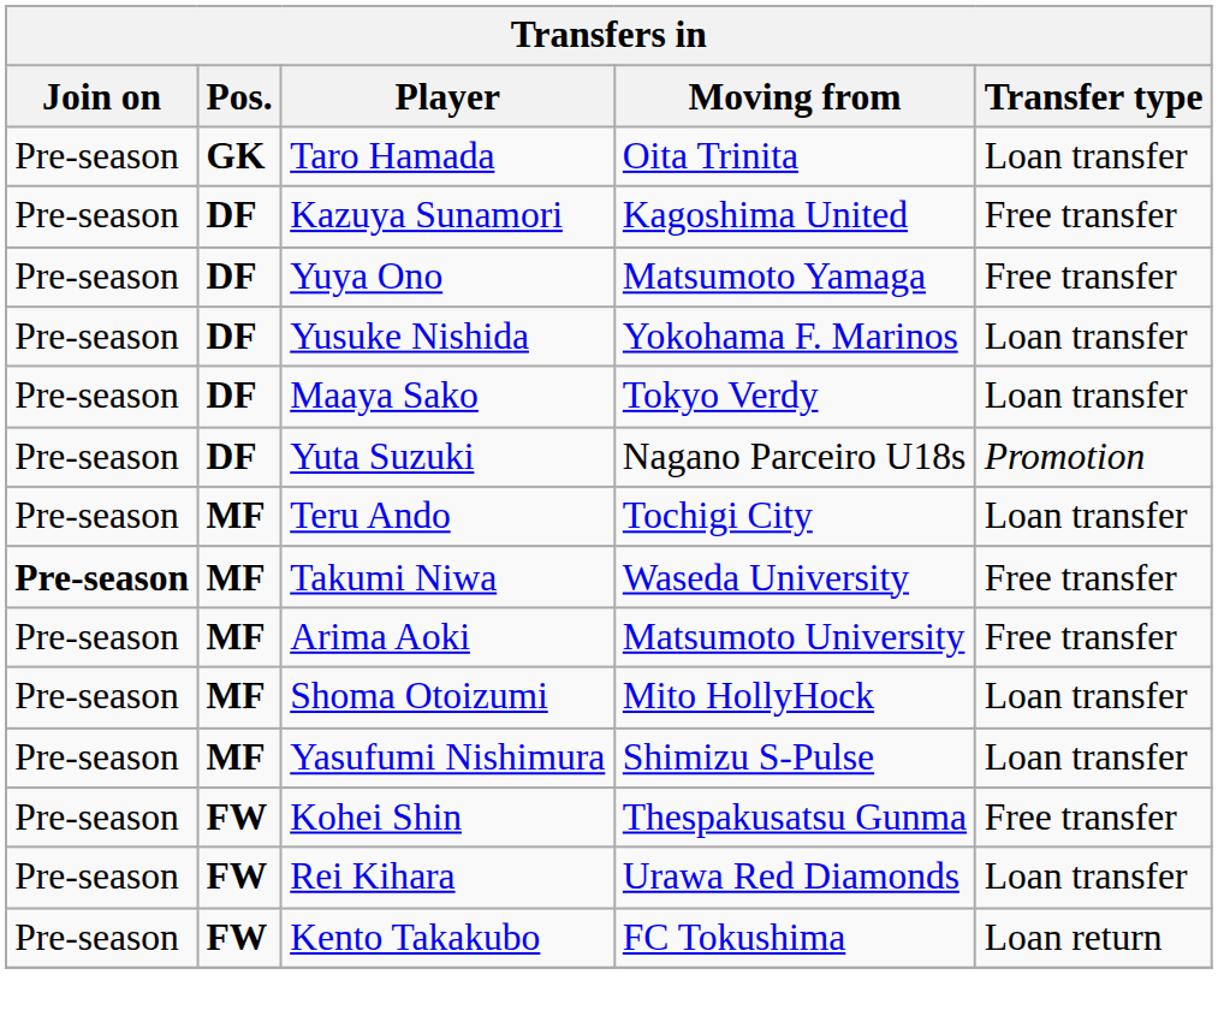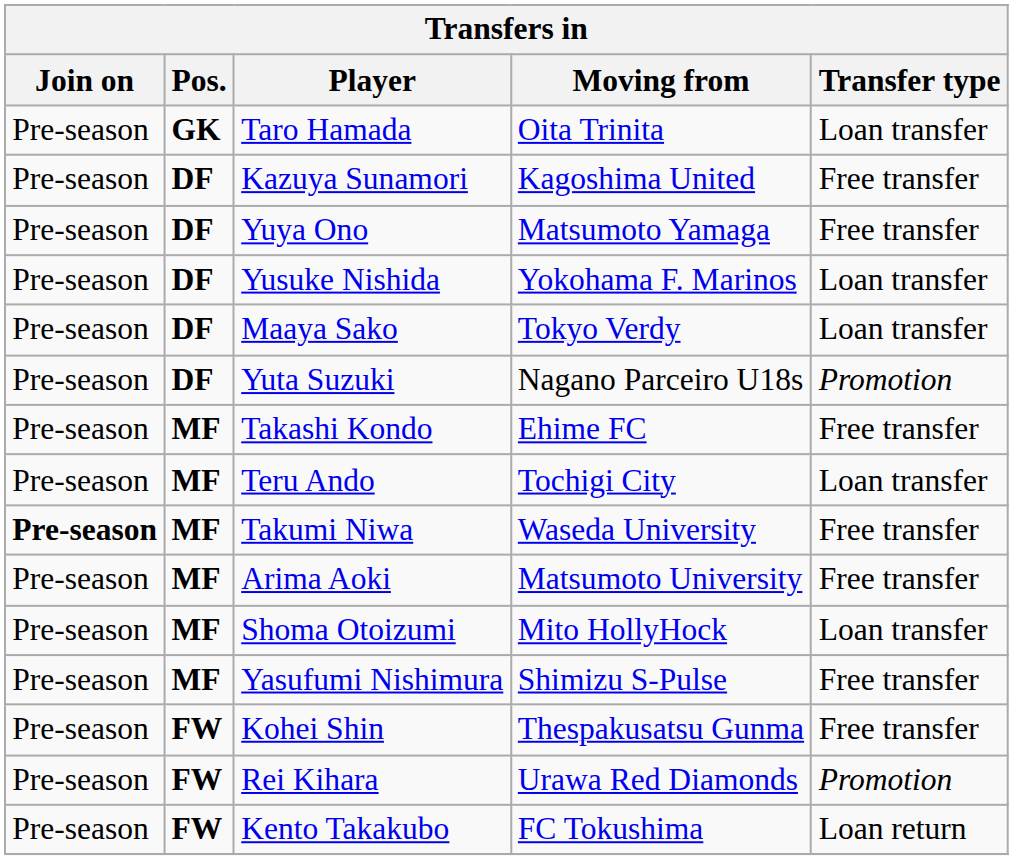 <table class="wikitable sortable" style=“text-align:left;>
 <tr>
 <th colspan="5">Transfers in</th>
 </tr>
 <tr>
 <th>Join on</th>
 <th>Pos.</th>
 <th>Player</th>
 <th>Moving from</th>
 <th>Transfer type</th>
 </tr>
 <tr>
 <td>Pre-season</td>
 <td><strong>GK</strong></td>
 <td> <a href='#'>Taro Hamada</a></td>
 <td> <a href='#'>Oita Trinita</a></td>
 <td>Loan transfer</td>
 </tr>
 <tr>
 <td>Pre-season</td>
 <td><strong>DF</strong></td>
 <td> <a href='#'>Kazuya Sunamori</a></td>
 <td> <a href='#'>Kagoshima United</a></td>
 <td>Free transfer</td>
 </tr>
 <tr>
 <td>Pre-season</td>
 <td><strong>DF</strong></td>
 <td> <a href='#'>Yuya Ono</a></td>
 <td> <a href='#'>Matsumoto Yamaga</a></td>
 <td>Free transfer</td>
 </tr>
 <tr>
 <td>Pre-season</td>
 <td><strong>DF</strong></td>
 <td> <a href='#'>Yusuke Nishida</a></td>
 <td> <a href='#'>Yokohama F. Marinos</a></td>
 <td>Loan transfer</td>
 </tr>
 <tr>
 <td>Pre-season</td>
 <td><strong>DF</strong></td>
 <td> <a href='#'>Maaya Sako</a></td>
 <td> <a href='#'>Tokyo Verdy</a></td>
 <td>Loan transfer</td>
 </tr>
 <tr>
 <td>Pre-season</td>
 <td><strong>DF</strong></td>
 <td> <a href='#'>Yuta Suzuki</a></td>
 <td>Nagano Parceiro U18s</td>
 <td><em>Promotion</em></td>
 </tr>
 <tr>
 <td>Pre-season</td>
 <td><strong>MF</strong></td>
+<td> <a href='#'>Takashi Kondo</a></td>
+<td> <a href='#'>Ehime FC</a></td>
+<td>Free transfer</td>
+</tr>
+<tr>
+<td>Pre-season</td>
+<td><strong>MF</strong></td>
 <td> <a href='#'>Teru Ando</a></td>
 <td> <a href='#'>Tochigi City</a></td>
 <td>Loan transfer</td>
 </tr>
 <tr>
 <td><strong>Pre-season</strong></td>
 <td><strong>MF</strong></td>
 <td> <a href='#'>Takumi Niwa</a></td>
 <td> <a href='#'>Waseda University</a></td>
 <td>Free transfer</td>
 </tr>
 <tr>
 <td>Pre-season</td>
 <td><strong>MF</strong></td>
 <td> <a href='#'>Arima Aoki</a></td>
 <td> <a href='#'>Matsumoto University</a></td>
 <td>Free transfer</td>
 </tr>
 <tr>
 <td>Pre-season</td>
 <td><strong>MF</strong></td>
 <td> <a href='#'>Shoma Otoizumi</a></td>
 <td> <a href='#'>Mito HollyHock</a></td>
 <td>Loan transfer</td>
 </tr>
 <tr>
 <td>Pre-season</td>
 <td><strong>MF</strong></td>
 <td> <a href='#'>Yasufumi Nishimura</a></td>
 <td> <a href='#'>Shimizu S-Pulse</a></td>
-<td>Loan transfer</td>
+<td>Free transfer</td>
 </tr>
 <tr>
 <td>Pre-season</td>
 <td><strong>FW</strong></td>
 <td> <a href='#'>Kohei Shin</a></td>
 <td> <a href='#'>Thespakusatsu Gunma</a></td>
 <td>Free transfer</td>
 </tr>
 <tr>
 <td>Pre-season</td>
 <td><strong>FW</strong></td>
 <td> <a href='#'>Rei Kihara</a></td>
 <td> <a href='#'>Urawa Red Diamonds</a></td>
-<td>Loan transfer</td>
+<td><em>Promotion</em></td>
 </tr>
 <tr>
 <td>Pre-season</td>
 <td><strong>FW</strong></td>
 <td> <a href='#'>Kento Takakubo</a></td>
 <td> <a href='#'>FC Tokushima</a></td>
 <td>Loan return</td>
 </tr>
 <tr>
 </tr>
 </table>
